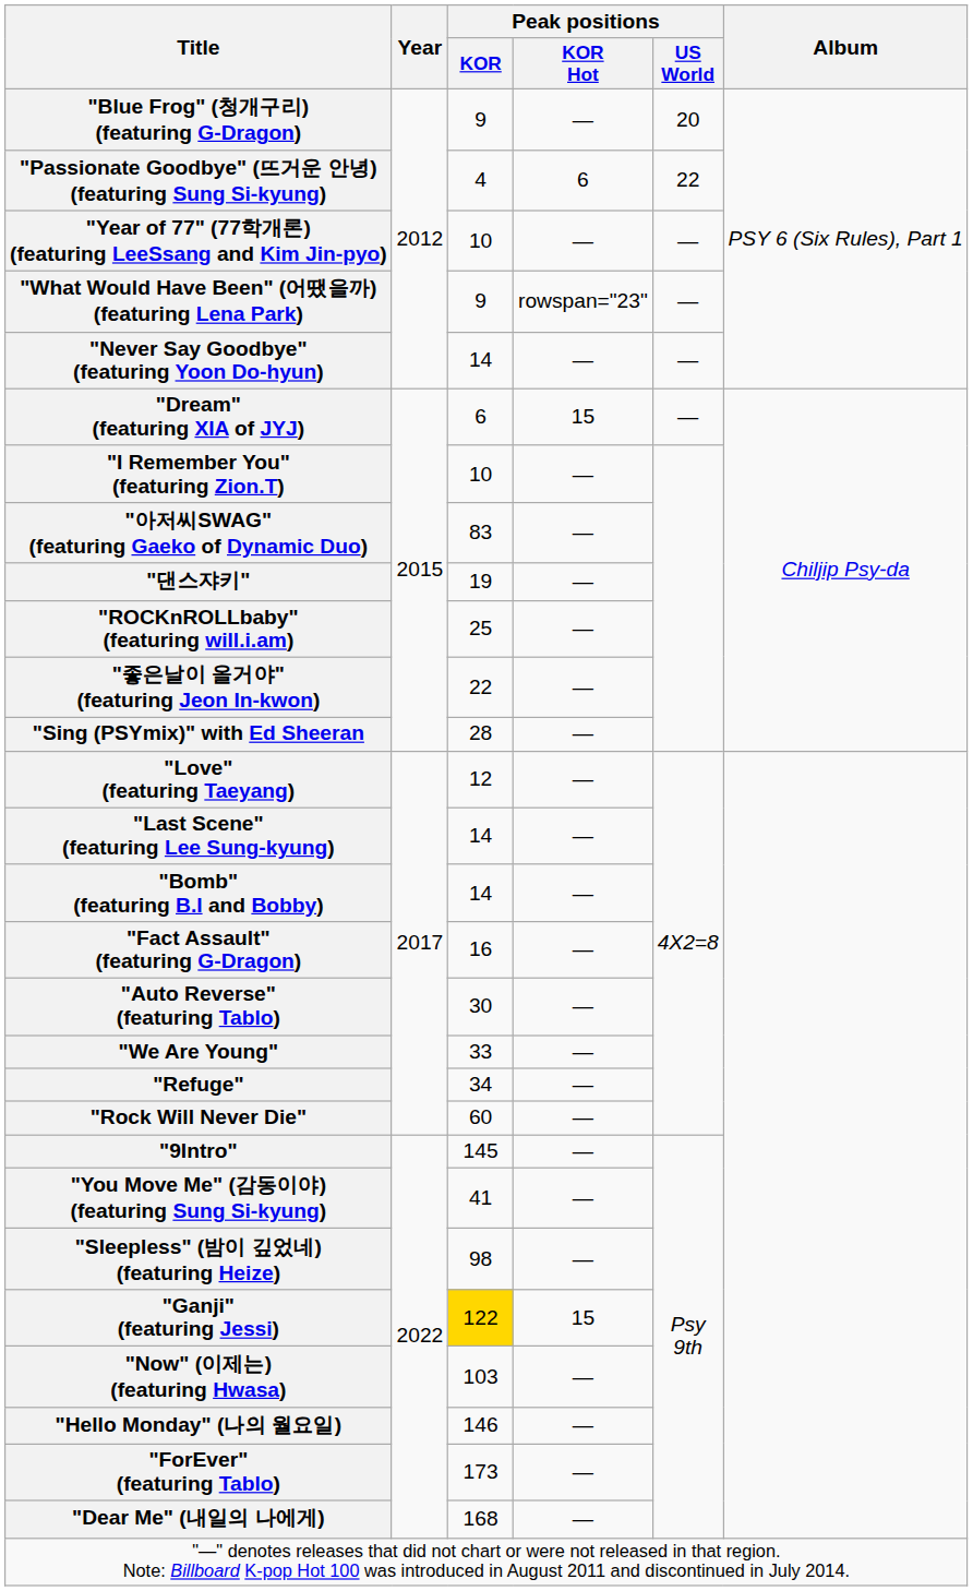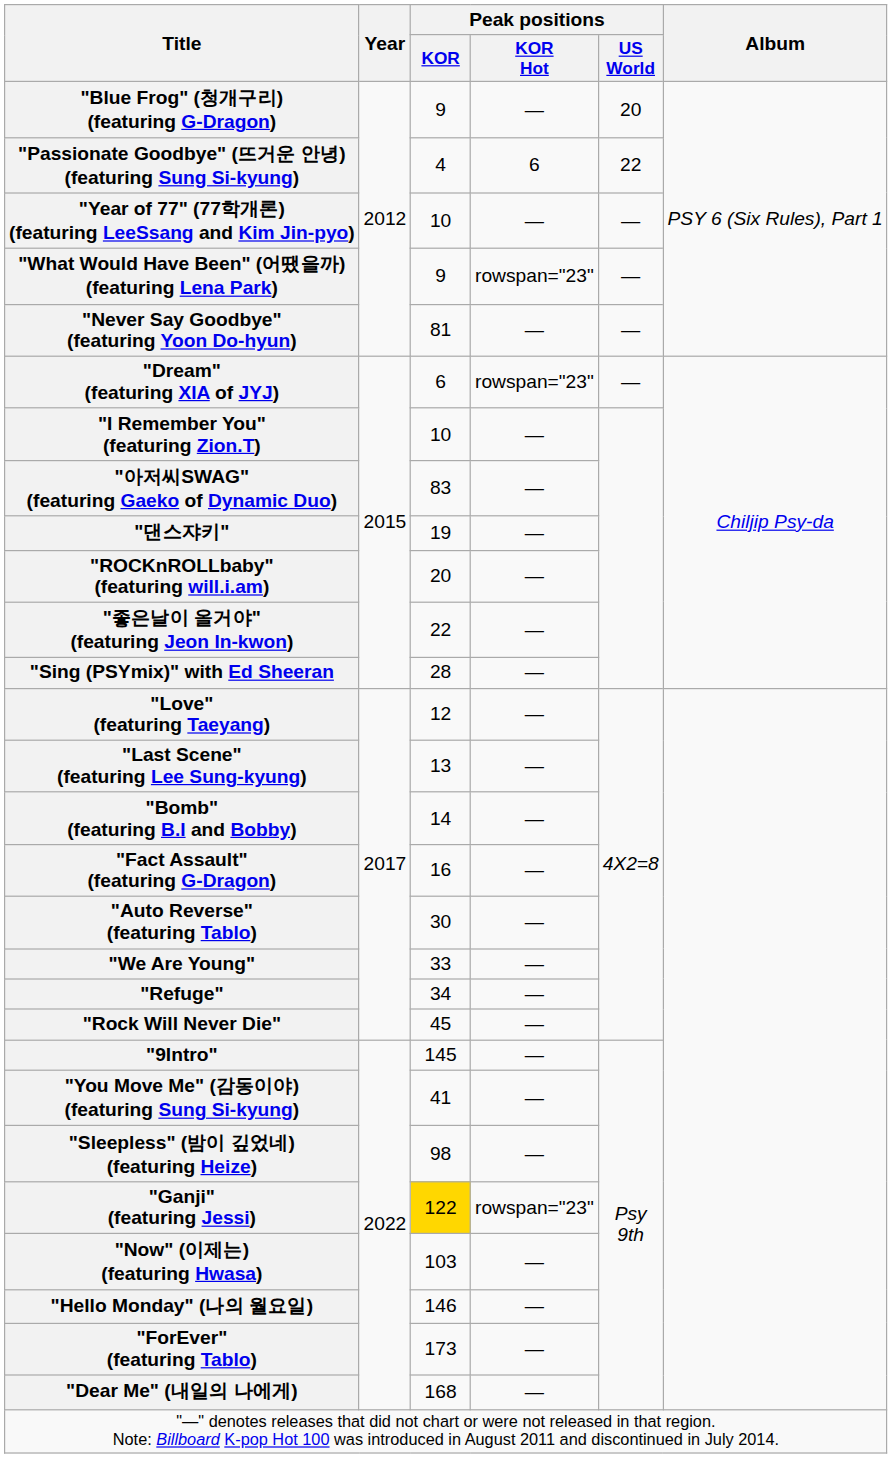 <table class="wikitable plainrowheaders" style="text-align:center;" border="1">
 <tr>
 <th scope="col" rowspan="2">Title</th>
 <th scope="col" rowspan="2">Year</th>
 <th scope="col" colspan="3">Peak positions</th>
 <th scope="col" rowspan="2">Album</th>
 </tr>
 <tr>
 <th scope="col" style="width:3em;font-size:90%;"><a href='#'>KOR</a><br></th>
 <th scope="col" style="width:3em;font-size:90%;"><a href='#'>KOR<br>Hot</a></th>
 <th scope="col" style="width:3em;font-size:90%;"><a href='#'>US<br>World</a><br></th>
 </tr>
 <tr>
 <th scope="row">"Blue Frog" (청개구리)<br><span>(featuring <a href='#'>G-Dragon</a>)</span></th>
 <td rowspan="5">2012</td>
 <td>9</td>
 <td>—</td>
 <td>20</td>
 <td rowspan="5"><em>PSY 6 (Six Rules), Part 1</em></td>
 </tr>
 <tr>
 <th scope="row">"Passionate Goodbye" (뜨거운 안녕)<br><span>(featuring  <a href='#'>Sung Si-kyung</a>)</span></th>
 <td>4</td>
 <td>6</td>
 <td>22</td>
 </tr>
 <tr>
 <th scope="row">"Year of 77" (77학개론)<br><span>(featuring <a href='#'>LeeSsang</a> and <a href='#'>Kim Jin-pyo</a>)</span></th>
 <td>10</td>
 <td>—</td>
 <td>—</td>
 </tr>
 <tr>
 <th scope="row">"What Would Have Been" (어땠을까)<br><span>(featuring <a href='#'>Lena Park</a>)</span></th>
 <td>9</td>
 <td>rowspan="23" </td>
 <td>—</td>
 </tr>
 <tr>
 <th scope="row">"Never Say Goodbye"<br><span>(featuring <a href='#'>Yoon Do-hyun</a>)</span></th>
-<td>14</td>
+<td>81</td>
 <td>—</td>
 <td>—</td>
 </tr>
 <tr>
 <th scope="row">"Dream" <br><span>(featuring <a href='#'>XIA</a> of <a href='#'>JYJ</a>)</span></th>
 <td rowspan="7">2015</td>
 <td>6</td>
-<td>15</td>
+<td>rowspan="23" </td>
 <td>—</td>
 <td rowspan="7"><em><a href='#'>Chiljip Psy-da</a></em></td>
 </tr>
 <tr>
 <th scope="row">"I Remember You" <br><span>(featuring <a href='#'>Zion.T</a>)</span></th>
 <td>10</td>
 <td>—</td>
 </tr>
 <tr>
 <th scope="row">"아저씨SWAG" <br><span>(featuring <a href='#'>Gaeko</a> of <a href='#'>Dynamic Duo</a>)</span></th>
 <td>83</td>
 <td>—</td>
 </tr>
 <tr>
 <th scope="row">"댄스쟈키"</th>
 <td>19</td>
 <td>—</td>
 </tr>
 <tr>
 <th scope="row">"ROCKnROLLbaby" <br><span>(featuring <a href='#'>will.i.am</a>)</span></th>
-<td>25</td>
+<td>20</td>
 <td>—</td>
 </tr>
 <tr>
 <th scope="row">"좋은날이 올거야" <br><span>(featuring <a href='#'>Jeon In-kwon</a>)</span></th>
 <td>22</td>
 <td>—</td>
 </tr>
 <tr>
 <th scope="row">"Sing (PSYmix)" with <a href='#'>Ed Sheeran</a></th>
 <td>28</td>
 <td>—</td>
 </tr>
 <tr>
 <th scope="row">"Love" <br><span>(featuring <a href='#'>Taeyang</a>)</span></th>
 <td rowspan="8">2017</td>
 <td>12</td>
 <td>—</td>
 <td rowspan="8"><em>4X2=8</em></td>
 </tr>
 <tr>
 <th scope="row">"Last Scene" <br><span>(featuring <a href='#'>Lee Sung-kyung</a>)</span></th>
-<td>14</td>
+<td>13</td>
 <td>—</td>
 </tr>
 <tr>
 <th scope="row">"Bomb" <br><span>(featuring <a href='#'>B.I</a> and <a href='#'>Bobby</a>)</span></th>
 <td>14</td>
 <td>—</td>
 </tr>
 <tr>
 <th scope="row">"Fact Assault" <br><span>(featuring <a href='#'>G-Dragon</a>)</span></th>
 <td>16</td>
 <td>—</td>
 </tr>
 <tr>
 <th scope="row">"Auto Reverse" <br><span>(featuring <a href='#'>Tablo</a>)</span></th>
 <td>30</td>
 <td>—</td>
 </tr>
 <tr>
 <th scope="row">"We Are Young"</th>
 <td>33</td>
 <td>—</td>
 </tr>
 <tr>
 <th scope="row">"Refuge"</th>
 <td>34</td>
 <td>—</td>
 </tr>
 <tr>
 <th scope="row">"Rock Will Never Die"</th>
-<td>60</td>
+<td>45</td>
 <td>—</td>
 </tr>
 <tr>
 <th scope="row">"9Intro"</th>
 <td rowspan="8">2022</td>
 <td>145</td>
 <td>—</td>
 <td rowspan="8"><em>Psy 9th</em></td>
 </tr>
 <tr>
 <th scope="row">"You Move Me" (감동이야) <br><span>(featuring <a href='#'>Sung Si-kyung</a>)</span></th>
 <td>41</td>
 <td>—</td>
 </tr>
 <tr>
 <th scope="row">"Sleepless" (밤이 깊었네) <br><span>(featuring <a href='#'>Heize</a>)</span></th>
 <td>98</td>
 <td>—</td>
 </tr>
 <tr>
 <th scope="row">"Ganji" <br><span>(featuring <a href='#'>Jessi</a>)</span></th>
 <td style="background: gold;">122</td>
-<td>15</td>
+<td>rowspan="23" </td>
 </tr>
 <tr>
 <th scope="row">"Now" (이제는) <br><span>(featuring <a href='#'>Hwasa</a>)</span></th>
 <td>103</td>
 <td>—</td>
 </tr>
 <tr>
 <th scope="row">"Hello Monday" (나의 월요일)</th>
 <td>146</td>
 <td>—</td>
 </tr>
 <tr>
 <th scope="row">"ForEver" <br><span>(featuring <a href='#'>Tablo</a>)</span></th>
 <td>173</td>
 <td>—</td>
 </tr>
 <tr>
 <th scope="row">"Dear Me" (내일의 나에게)</th>
 <td>168</td>
 <td>—</td>
 </tr>
 <tr>
 <td colspan="7" style="text-align:center; font-size:85%;">"—" denotes releases that did not chart or were not released in that region.<br>Note: <em><a href='#'>Billboard</a></em> <a href='#'>K-pop Hot 100</a> was introduced in August 2011 and discontinued in July 2014.</td>
 </tr>
 </table>
